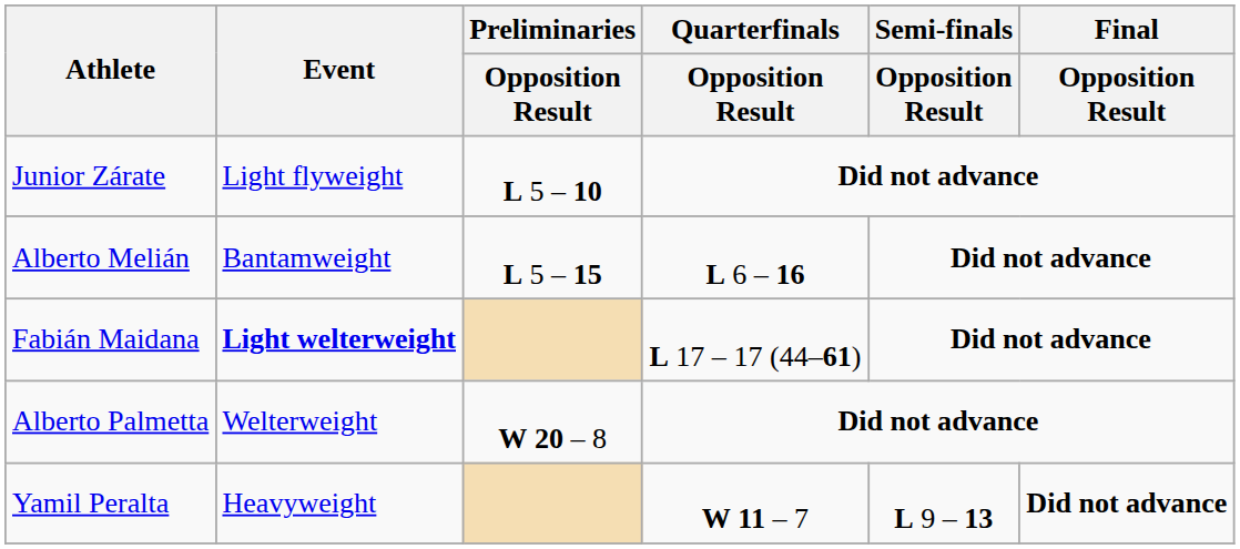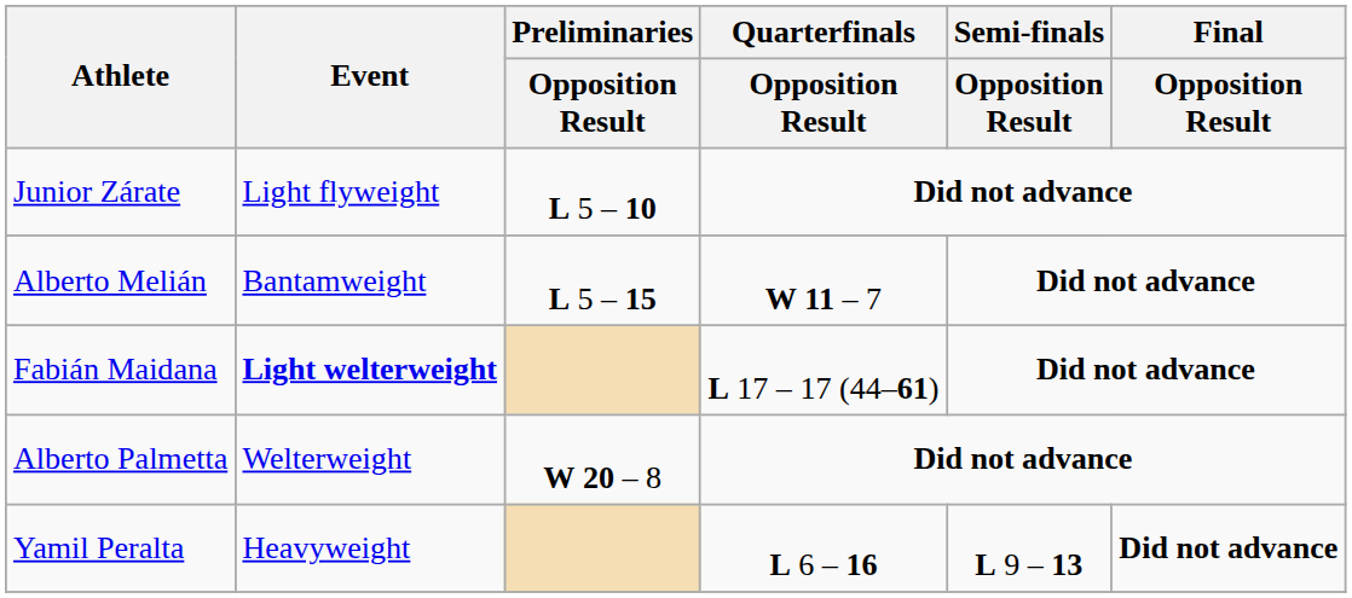 <table class="wikitable" border="1" style="font-size:90%">
 <tr>
 <th rowspan=2>Athlete</th>
 <th rowspan=2>Event</th>
 <th>Preliminaries</th>
 <th>Quarterfinals</th>
 <th>Semi-finals</th>
 <th>Final</th>
 </tr>
 <tr>
 <th>Opposition<br>Result</th>
 <th>Opposition<br>Result</th>
 <th>Opposition<br>Result</th>
 <th>Opposition<br>Result</th>
 </tr>
 <tr>
 <td><a href='#'>Junior Zárate</a></td>
 <td><a href='#'>Light flyweight</a></td>
 <td align=center><br><strong>L</strong> 5 – <strong>10</strong></td>
 <td align="center" colspan="7"><strong>Did not advance</strong></td>
 </tr>
 <tr>
 <td><a href='#'>Alberto Melián</a></td>
 <td><a href='#'>Bantamweight</a></td>
 <td align=center><br><strong>L</strong> 5 – <strong>15</strong></td>
-<td align=center><br><strong>L</strong> 6 – <strong>16</strong></td>
+<td align=center><br><strong>W</strong> <strong>11</strong> – 7</td>
 <td align="center" colspan="7"><strong>Did not advance</strong></td>
 </tr>
 <tr>
 <td><a href='#'>Fabián Maidana</a></td>
 <td><strong><a href='#'>Light welterweight</a></strong></td>
 <td bgcolor=wheat></td>
 <td align=center><br><strong>L</strong> 17 – 17 (44–<strong>61</strong>)</td>
 <td align="center" colspan="7"><strong>Did not advance</strong></td>
 </tr>
 <tr>
 <td><a href='#'>Alberto Palmetta</a></td>
 <td><a href='#'>Welterweight</a></td>
 <td align=center><br><strong>W</strong> <strong>20</strong> – 8</td>
 <td align="center" colspan="7"><strong>Did not advance</strong></td>
 </tr>
 <tr>
 <td><a href='#'>Yamil Peralta</a></td>
 <td><a href='#'>Heavyweight</a></td>
 <td bgcolor=wheat></td>
-<td align=center><br><strong>W</strong> <strong>11</strong> – 7</td>
+<td align=center><br><strong>L</strong> 6 – <strong>16</strong></td>
 <td align=center><br><strong>L</strong> 9 – <strong>13</strong> </td>
 <td align="center" colspan="7"><strong>Did not advance</strong></td>
 </tr>
 </table>
